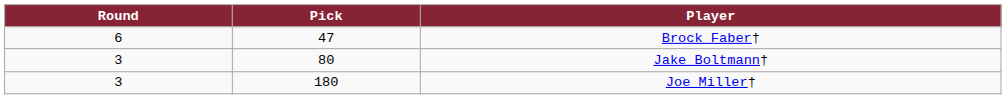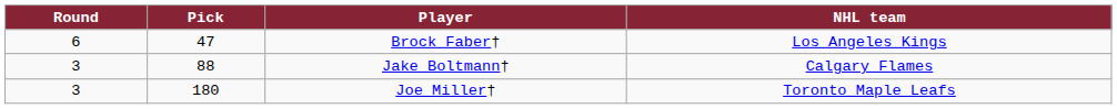 <table class="wikitable" width="60%">
 <tr>
 <th style="color:white; background:#862334; ">Round</th>
 <th style="color:white; background:#862334; ">Pick</th>
 <th style="color:white; background:#862334; ">Player</th>
+<th style="color:white; background:#862334; ">NHL team</th>
 </tr>
 <tr align="center" bgcolor="">
 <td>6</td>
 <td>47</td>
 <td><a href='#'>Brock Faber</a>†</td>
+<td><a href='#'>Los Angeles Kings</a></td>
 </tr>
 <tr align="center" bgcolor="">
 <td>3</td>
-<td>80</td>
+<td>88</td>
 <td><a href='#'>Jake Boltmann</a>†</td>
+<td><a href='#'>Calgary Flames</a></td>
 </tr>
 <tr align="center" bgcolor="">
 <td>3</td>
 <td>180</td>
 <td><a href='#'>Joe Miller</a>†</td>
+<td><a href='#'>Toronto Maple Leafs</a></td>
 </tr>
 </table>
